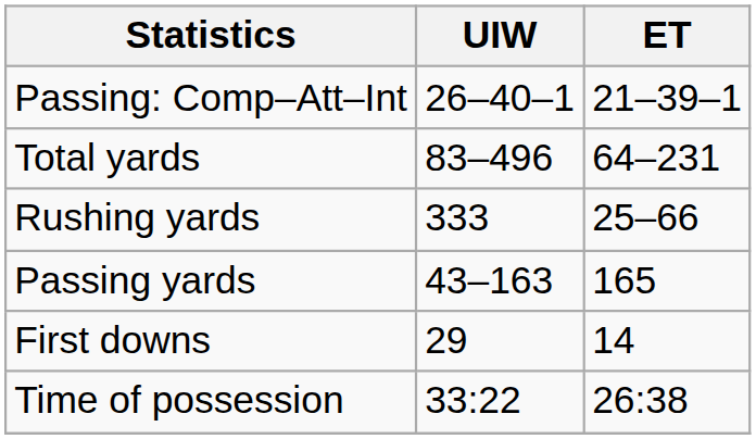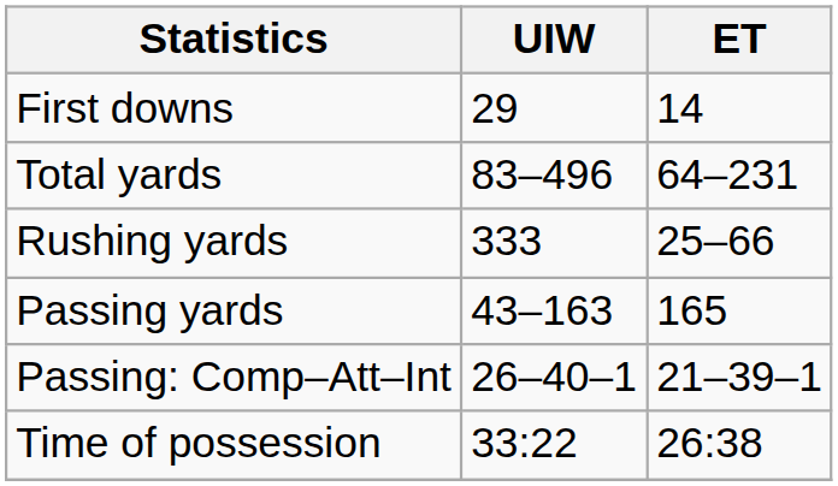 <table class="wikitable" style="float: left;">
 <tr>
 <th>Statistics</th>
 <th>UIW</th>
 <th>ET</th>
 </tr>
 <tr>
-<td>Passing: Comp–Att–Int</td>
-<td>26–40–1</td>
-<td>21–39–1</td>
+<td>First downs</td>
+<td>29</td>
+<td>14</td>
 </tr>
 <tr>
 <td>Total yards</td>
 <td>83–496</td>
 <td>64–231</td>
 </tr>
 <tr>
 <td>Rushing yards</td>
 <td>333</td>
 <td>25–66</td>
 </tr>
 <tr>
 <td>Passing yards</td>
 <td>43–163</td>
 <td>165</td>
 </tr>
 <tr>
-<td>First downs</td>
-<td>29</td>
-<td>14</td>
+<td>Passing: Comp–Att–Int</td>
+<td>26–40–1</td>
+<td>21–39–1</td>
 </tr>
 <tr>
 <td>Time of possession</td>
 <td>33:22</td>
 <td>26:38</td>
 </tr>
 <tr>
 </tr>
 </table>
